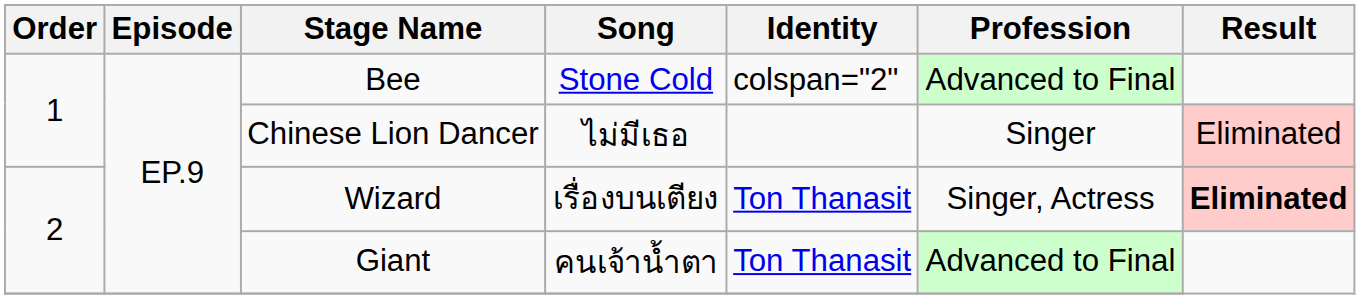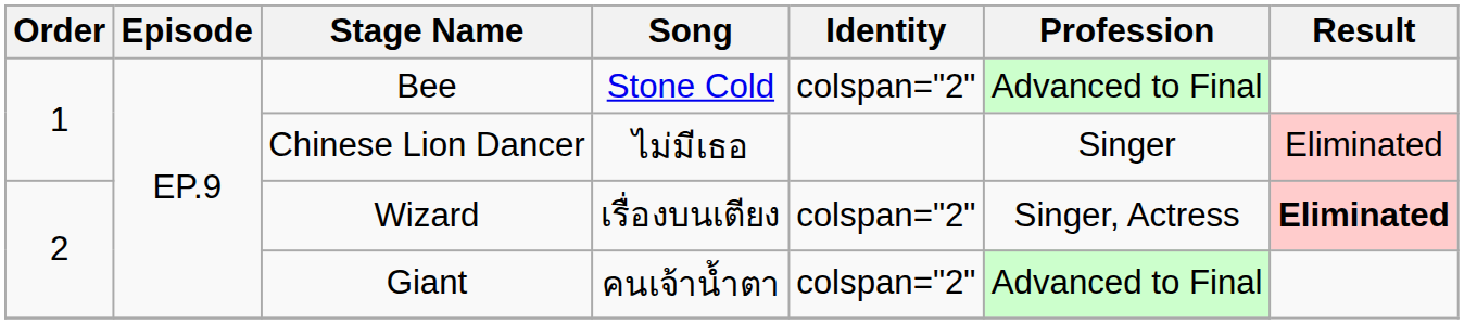 <table class="wikitable">
 <tr>
 <th>Order</th>
 <th>Episode</th>
 <th>Stage Name</th>
 <th>Song</th>
 <th>Identity</th>
 <th>Profession</th>
 <th>Result</th>
 </tr>
 <tr>
 <td rowspan="2" align="center">1</td>
 <td rowspan="4" align="center">EP.9</td>
 <td style="text-align:center;">Bee</td>
 <td style="text-align:center;"><a href='#'>Stone Cold</a></td>
 <td>colspan="2"  </td>
 <td style="text-align:center; background:#ccffcc;">Advanced to Final</td>
 </tr>
 <tr>
 <td style="text-align:center;">Chinese Lion Dancer</td>
 <td style="text-align:center;">ไม่มีเธอ</td>
 <td style="text-align:center;"></td>
 <td style="text-align:center;">Singer</td>
 <td style="text-align:center; background:#ffcccc;">Eliminated</td>
 </tr>
 <tr>
 <td rowspan="2" align="center">2</td>
 <td style="text-align:center;">Wizard</td>
 <td style="text-align:center;">เรื่องบนเตียง</td>
-<td style="text-align:center;"><a href='#'>Ton Thanasit</a></td>
+<td>colspan="2"  </td>
 <td style="text-align:center;">Singer, Actress</td>
 <td style="text-align:center; background:#ffcccc;"><strong>Eliminated</strong></td>
 </tr>
 <tr>
 <td style="text-align:center;">Giant</td>
 <td style="text-align:center;">คนเจ้าน้ำตา</td>
-<td style="text-align:center;"><a href='#'>Ton Thanasit</a></td>
+<td>colspan="2"  </td>
 <td style="text-align:center; background:#ccffcc;">Advanced to Final</td>
 </tr>
 <tr>
 </tr>
 </table>
